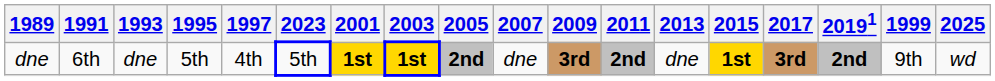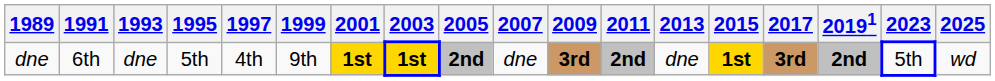 <table class="wikitable" style="text-align:center; font-size:90%">
 <tr>
 <th><a href='#'>1989</a></th>
 <th><a href='#'>1991</a></th>
 <th><a href='#'>1993</a></th>
 <th><a href='#'>1995</a></th>
 <th><a href='#'>1997</a></th>
-<th><a href='#'>2023</a></th>
+<th><a href='#'>1999</a></th>
 <th><a href='#'>2001</a></th>
 <th><a href='#'>2003</a></th>
 <th><a href='#'>2005</a></th>
 <th><a href='#'>2007</a></th>
 <th><a href='#'>2009</a></th>
 <th><a href='#'>2011</a></th>
 <th><a href='#'>2013</a></th>
 <th><a href='#'>2015</a></th>
 <th><a href='#'>2017</a></th>
 <th><a href='#'>2019<sup>1</sup></a></th>
-<th><a href='#'>1999</a></th>
+<th><a href='#'>2023</a></th>
 <th><a href='#'>2025</a></th>
 </tr>
 <tr>
 <td><em>dne</em></td>
 <td>6th</td>
 <td><em>dne</em></td>
 <td>5th</td>
 <td>4th</td>
-<td style="border: 2px solid blue">5th</td>
+<td>9th</td>
 <td bgcolor=gold><strong>1st</strong></td>
 <td style="border: 2px solid blue" bgcolor=gold><strong>1st</strong></td>
 <td style="background:silver;"><strong>2nd</strong></td>
 <td><em>dne</em></td>
 <td style="background:#c96;"><strong>3rd</strong></td>
 <td bgcolor=silver><strong>2nd</strong></td>
 <td><em>dne</em></td>
 <td bgcolor=gold><strong>1st</strong></td>
 <td style="background:#c96;"><strong>3rd</strong></td>
 <td style="background:silver;"><strong>2nd</strong></td>
-<td>9th</td>
+<td style="border: 2px solid blue">5th</td>
 <td><em>wd</em></td>
 </tr>
 </table>
